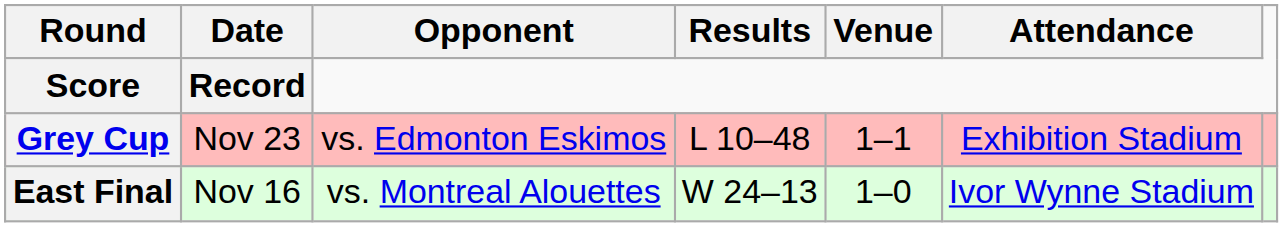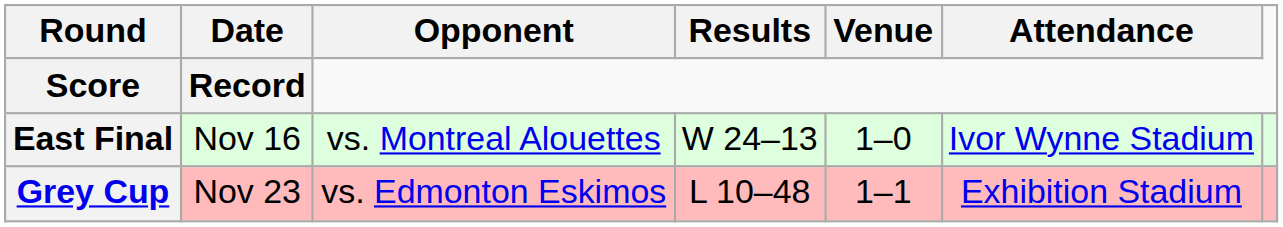 <table class="wikitable" style="text-align:center">
 <tr>
 <th>Round</th>
 <th>Date</th>
 <th>Opponent</th>
 <th>Results</th>
 <th>Venue</th>
 <th>Attendance</th>
 </tr>
 <tr>
 <th>Score</th>
 <th>Record</th>
 </tr>
+<tr style="background:#ddffdd">
+<th>East Final</th>
+<td>Nov 16</td>
+<td>vs. <a href='#'>Montreal Alouettes</a></td>
+<td>W 24–13</td>
+<td>1–0</td>
+<td><a href='#'>Ivor Wynne Stadium</a></td>
+<td></td>
+</tr>
 <tr style="background:#ffbbbb">
 <th><a href='#'>Grey Cup</a></th>
 <td>Nov 23</td>
 <td>vs. <a href='#'>Edmonton Eskimos</a></td>
 <td>L 10–48</td>
 <td>1–1</td>
 <td><a href='#'>Exhibition Stadium</a></td>
 <td></td>
 </tr>
-<tr style="background:#ddffdd">
-<th>East Final</th>
-<td>Nov 16</td>
-<td>vs. <a href='#'>Montreal Alouettes</a></td>
-<td>W 24–13</td>
-<td>1–0</td>
-<td><a href='#'>Ivor Wynne Stadium</a></td>
-<td></td>
-</tr>
 </table>
